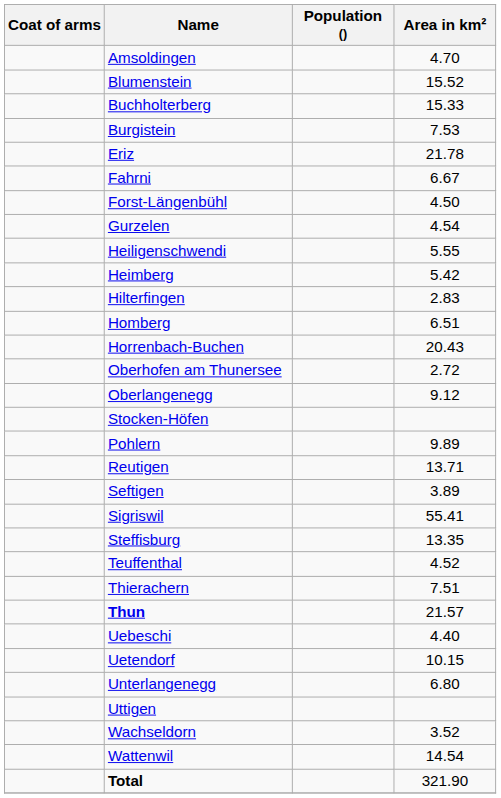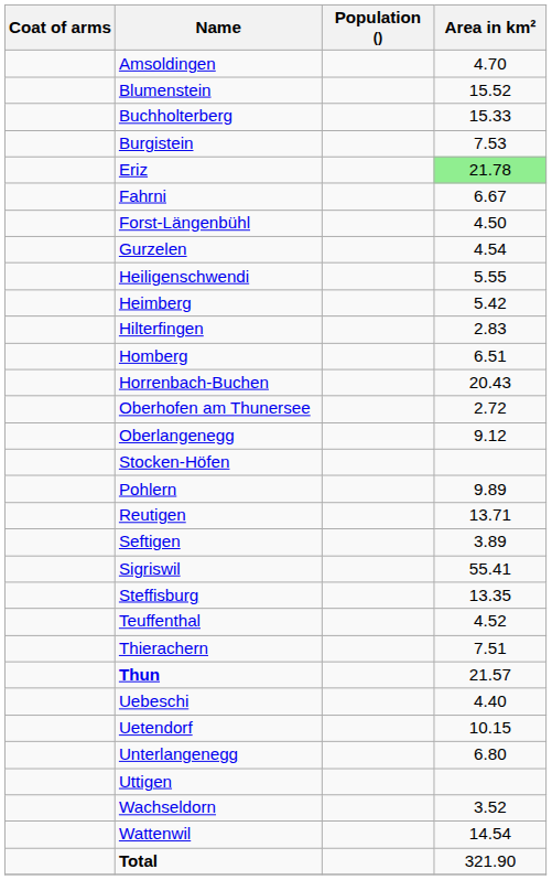 <table class="wikitable">
 <tr>
 <th>Coat of arms</th>
 <th width="190">Name</th>
 <th width="100">Population<br><small>()</small></th>
 <th width="100">Area in km²</th>
 </tr>
 <tr>
 <td align="center"></td>
 <td><a href='#'>Amsoldingen</a></td>
 <td align="center"></td>
 <td align="center">4.70</td>
 </tr>
 <tr>
 <td align="center"></td>
 <td><a href='#'>Blumenstein</a></td>
 <td align="center"></td>
 <td align="center">15.52</td>
 </tr>
 <tr>
 <td align="center"></td>
 <td><a href='#'>Buchholterberg</a></td>
 <td align="center"></td>
 <td align="center">15.33</td>
 </tr>
 <tr>
 <td align="center"></td>
 <td><a href='#'>Burgistein</a></td>
 <td align="center"></td>
 <td align="center">7.53</td>
 </tr>
 <tr>
 <td align="center"></td>
 <td><a href='#'>Eriz</a></td>
 <td align="center"></td>
-<td align="center">21.78</td>
+<td align="center" style="background: lightgreen;">21.78</td>
 </tr>
 <tr>
 <td align="center"></td>
 <td><a href='#'>Fahrni</a></td>
 <td align="center"></td>
 <td align="center">6.67</td>
 </tr>
 <tr>
 <td align="center"></td>
 <td><a href='#'>Forst-Längenbühl</a></td>
 <td align="center"></td>
 <td align="center">4.50</td>
 </tr>
 <tr>
 <td align="center"></td>
 <td><a href='#'>Gurzelen</a></td>
 <td align="center"></td>
 <td align="center">4.54</td>
 </tr>
 <tr>
 <td align="center"></td>
 <td><a href='#'>Heiligenschwendi</a></td>
 <td align="center"></td>
 <td align="center">5.55</td>
 </tr>
 <tr>
 <td align="center"></td>
 <td><a href='#'>Heimberg</a></td>
 <td align="center"></td>
 <td align="center">5.42</td>
 </tr>
 <tr>
 <td align="center"></td>
 <td><a href='#'>Hilterfingen</a></td>
 <td align="center"></td>
 <td align="center">2.83</td>
 </tr>
 <tr>
 <td align="center"></td>
 <td><a href='#'>Homberg</a></td>
 <td align="center"></td>
 <td align="center">6.51</td>
 </tr>
 <tr>
 <td align="center"></td>
 <td><a href='#'>Horrenbach-Buchen</a></td>
 <td align="center"></td>
 <td align="center">20.43</td>
 </tr>
 <tr>
 <td align="center"></td>
 <td><a href='#'>Oberhofen am Thunersee</a></td>
 <td align="center"></td>
 <td align="center">2.72</td>
 </tr>
 <tr>
 <td align="center"></td>
 <td><a href='#'>Oberlangenegg</a></td>
 <td align="center"></td>
 <td align="center">9.12</td>
 </tr>
 <tr>
 <td align="center"></td>
 <td><a href='#'>Stocken-Höfen</a></td>
 <td align="center"></td>
 <td align="center"></td>
 </tr>
 <tr>
 <td align="center"></td>
 <td><a href='#'>Pohlern</a></td>
 <td align="center"></td>
 <td align="center">9.89</td>
 </tr>
 <tr>
 <td align="center"></td>
 <td><a href='#'>Reutigen</a></td>
 <td align="center"></td>
 <td align="center">13.71</td>
 </tr>
 <tr>
 <td align="center"></td>
 <td><a href='#'>Seftigen</a></td>
 <td align="center"></td>
 <td align="center">3.89</td>
 </tr>
 <tr>
 <td align="center"></td>
 <td><a href='#'>Sigriswil</a></td>
 <td align="center"></td>
 <td align="center">55.41</td>
 </tr>
 <tr>
 <td align="center"></td>
 <td><a href='#'>Steffisburg</a></td>
 <td align="center"></td>
 <td align="center">13.35</td>
 </tr>
 <tr>
 <td align="center"></td>
 <td><a href='#'>Teuffenthal</a></td>
 <td align="center"></td>
 <td align="center">4.52</td>
 </tr>
 <tr>
 <td align="center"></td>
 <td><a href='#'>Thierachern</a></td>
 <td align="center"></td>
 <td align="center">7.51</td>
 </tr>
 <tr>
 <td align="center"></td>
 <td><strong><a href='#'>Thun</a></strong></td>
 <td align="center"></td>
 <td align="center">21.57</td>
 </tr>
 <tr>
 <td align="center"></td>
 <td><a href='#'>Uebeschi</a></td>
 <td align="center"></td>
 <td align="center">4.40</td>
 </tr>
 <tr>
 <td align="center"></td>
 <td><a href='#'>Uetendorf</a></td>
 <td align="center"></td>
 <td align="center">10.15</td>
 </tr>
 <tr>
 <td align="center"></td>
 <td><a href='#'>Unterlangenegg</a></td>
 <td align="center"></td>
 <td align="center">6.80</td>
 </tr>
 <tr>
 <td align="center"></td>
 <td><a href='#'>Uttigen</a></td>
 <td align="center"></td>
 <td align="center"></td>
 </tr>
 <tr>
 <td align="center"></td>
 <td><a href='#'>Wachseldorn</a></td>
 <td align="center"></td>
 <td align="center">3.52</td>
 </tr>
 <tr>
 <td align="center"></td>
 <td><a href='#'>Wattenwil</a></td>
 <td align="center"></td>
 <td align="center">14.54</td>
 </tr>
 <tr>
 <td></td>
 <td><strong>Total</strong></td>
 <td align="center"></td>
 <td align="center">321.90</td>
 </tr>
 <tr>
 </tr>
 </table>
